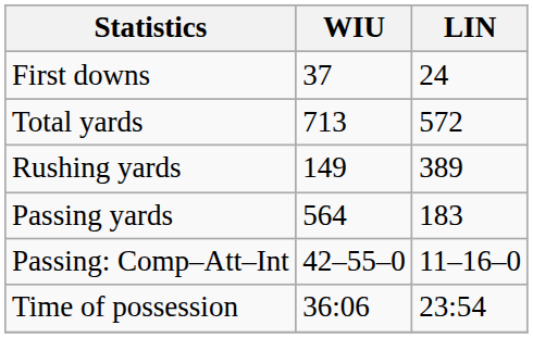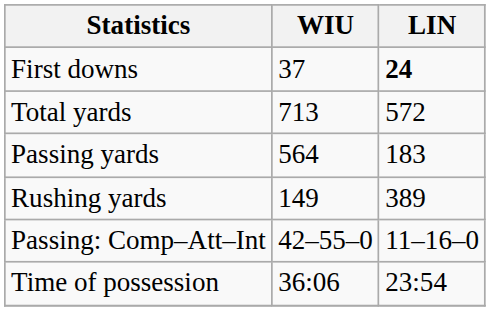 <table class="wikitable" style="float: left;">
 <tr>
 <th>Statistics</th>
 <th>WIU</th>
 <th>LIN</th>
 </tr>
 <tr>
 <td>First downs</td>
 <td>37</td>
-<td>24</td>
+<td><strong>24</strong></td>
 </tr>
 <tr>
 <td>Total yards</td>
 <td>713</td>
 <td>572</td>
 </tr>
 <tr>
+<td>Passing yards</td>
+<td>564</td>
+<td>183</td>
+</tr>
+<tr>
 <td>Rushing yards</td>
 <td>149</td>
 <td>389</td>
-</tr>
-<tr>
-<td>Passing yards</td>
-<td>564</td>
-<td>183</td>
 </tr>
 <tr>
 <td>Passing: Comp–Att–Int</td>
 <td>42–55–0</td>
 <td>11–16–0</td>
 </tr>
 <tr>
 <td>Time of possession</td>
 <td>36:06</td>
 <td>23:54</td>
 </tr>
 <tr>
 </tr>
 </table>
